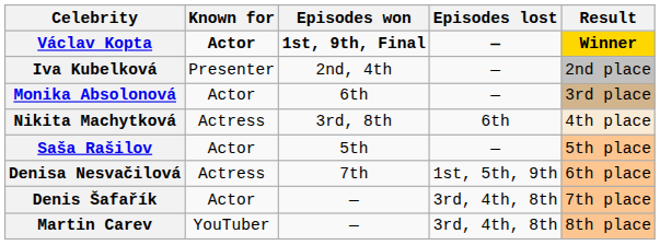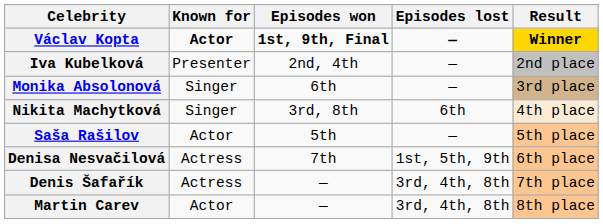 <table class="wikitable" style="text-align:center;">
 <tr>
 <th>Celebrity</th>
 <th>Known for</th>
 <th>Episodes won</th>
 <th>Episodes lost</th>
 <th>Result</th>
 </tr>
 <tr>
 <th><strong><a href='#'>Václav Kopta</a></strong></th>
 <td><strong>Actor</strong></td>
 <td><strong>1st, 9th, Final</strong></td>
 <td><strong>—</strong></td>
 <td style="background:gold"><strong>Winner</strong></td>
 </tr>
 <tr>
 <th>Iva Kubelková</th>
 <td>Presenter</td>
 <td>2nd, 4th</td>
 <td>—</td>
 <td style="background:silver">2nd place</td>
 </tr>
 <tr>
 <th><a href='#'>Monika Absolonová</a></th>
-<td>Actor</td>
+<td>Singer</td>
 <td>6th</td>
 <td>—</td>
 <td style="background:tan">3rd place</td>
 </tr>
 <tr>
 <th>Nikita Machytková</th>
-<td>Actress</td>
+<td>Singer</td>
 <td>3rd, 8th</td>
 <td>6th</td>
 <td style="background:antiquewhite">4th place</td>
 </tr>
 <tr>
 <th><a href='#'>Saša Rašilov</a></th>
 <td>Actor</td>
 <td>5th</td>
 <td>—</td>
 <td style="background:#fdc58f;">5th place</td>
 </tr>
 <tr>
 <th>Denisa Nesvačilová</th>
 <td>Actress</td>
 <td>7th</td>
 <td>1st, 5th, 9th</td>
 <td style="background:#fdc58f;">6th place</td>
 </tr>
 <tr>
 <th>Denis Šafařík</th>
-<td>Actor</td>
+<td>Actress</td>
 <td>—</td>
 <td>3rd, 4th, 8th</td>
 <td style="background:#fdc58f;">7th place</td>
 </tr>
 <tr>
 <th>Martin Carev</th>
-<td>YouTuber</td>
+<td>Actor</td>
 <td>—</td>
 <td>3rd, 4th, 8th</td>
 <td style="background:#fdc58f;">8th place</td>
 </tr>
 </table>
